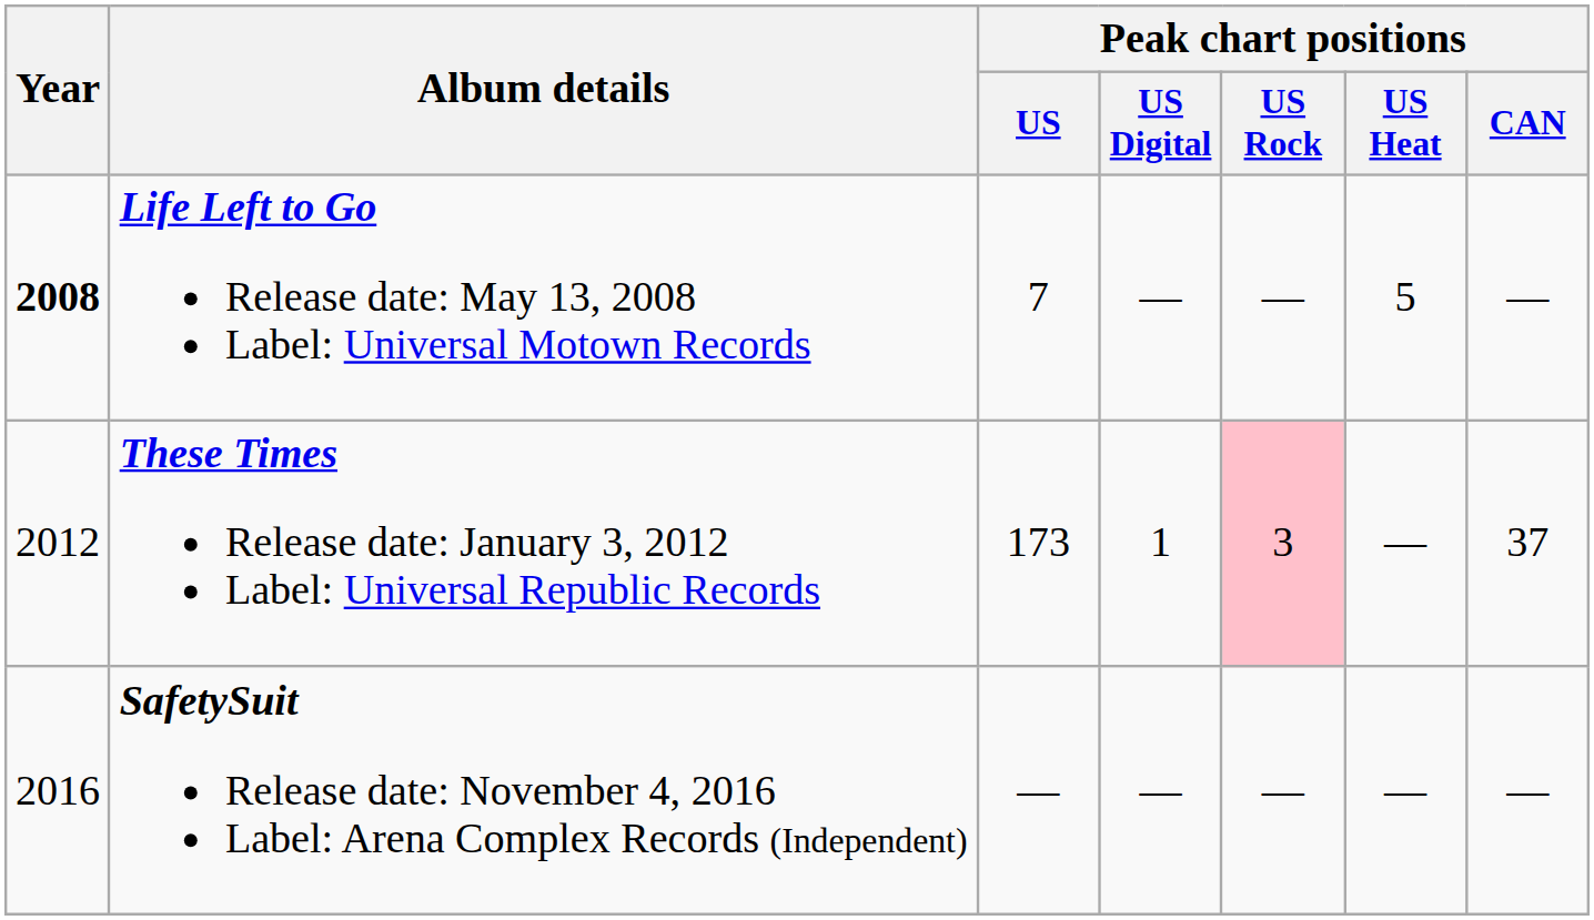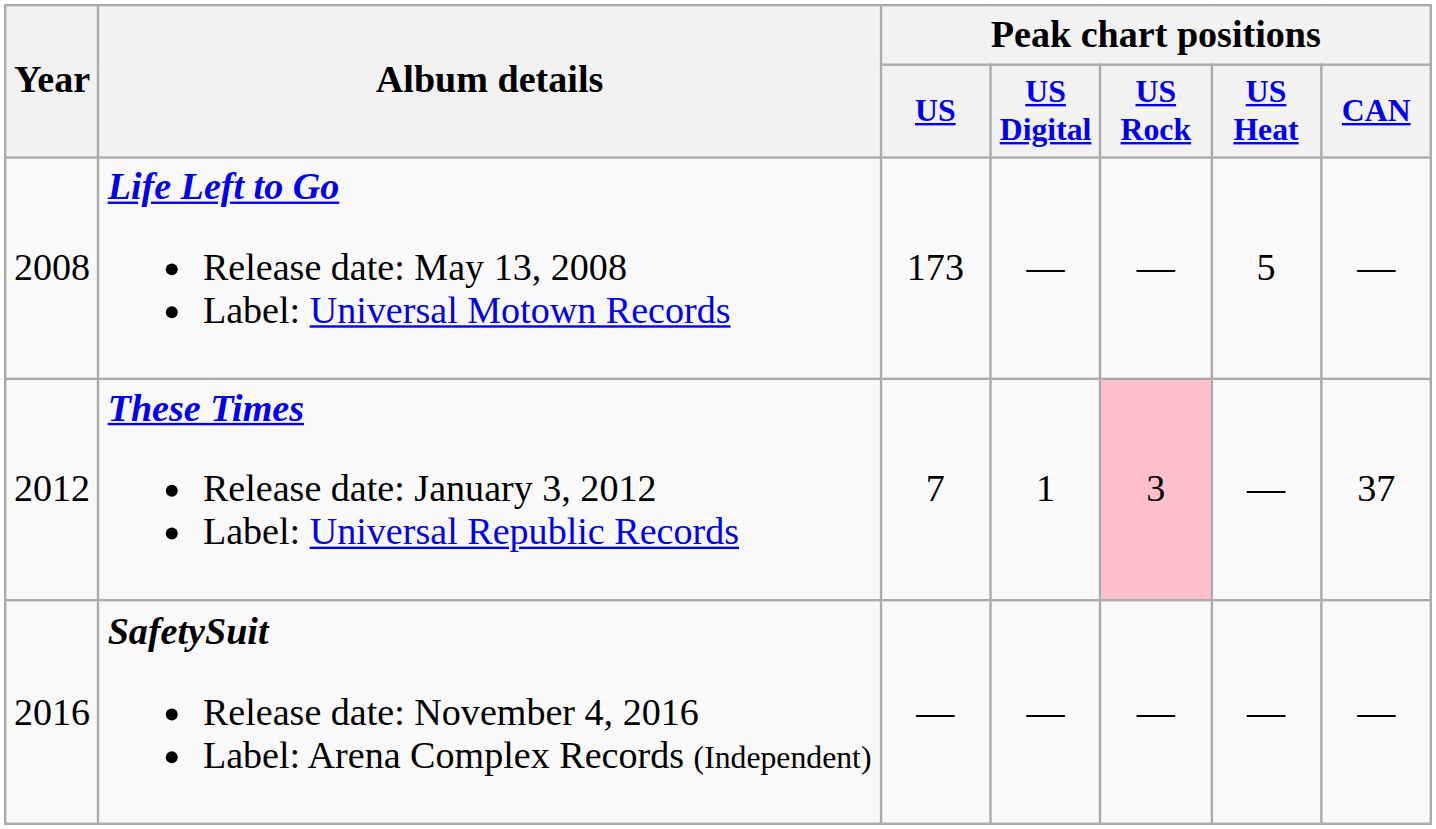 <table class="wikitable" style="text-align:center;">
 <tr>
 <th rowspan="2">Year</th>
 <th rowspan="2">Album details</th>
 <th colspan="5">Peak chart positions</th>
 </tr>
 <tr style="font-size:smaller;">
 <th style="width:40px;"><a href='#'>US</a><br></th>
 <th style="width:40px;"><a href='#'>US<br>Digital</a></th>
 <th style="width:40px;"><a href='#'>US<br>Rock</a></th>
 <th style="width:40px;"><a href='#'>US<br>Heat</a><br></th>
 <th style="width:40px;"><a href='#'>CAN</a><br></th>
 </tr>
 <tr>
-<td><strong>2008</strong></td>
+<td>2008</td>
 <td style="text-align:left;"><strong><em><a href='#'>Life Left to Go</a></em></strong><br><ul><li>Release date: May 13, 2008</li><li>Label: <a href='#'>Universal Motown Records</a></li></ul></td>
-<td>7</td>
+<td>173</td>
 <td>—</td>
 <td>—</td>
 <td>5</td>
 <td>—</td>
 </tr>
 <tr>
 <td>2012</td>
 <td align="left"><strong><em><a href='#'>These Times</a></em></strong><br><ul><li>Release date: January 3, 2012</li><li>Label: <a href='#'>Universal Republic Records</a></li></ul></td>
-<td>173</td>
+<td>7</td>
 <td>1</td>
 <td style="background: pink;">3</td>
 <td>—</td>
 <td>37</td>
 </tr>
 <tr>
 <td>2016</td>
 <td style="text-align:left;"><strong><em>SafetySuit</em></strong><br><ul><li>Release date: November 4, 2016</li><li>Label: Arena Complex Records <small>(Independent)</small></li></ul></td>
 <td>—</td>
 <td>—</td>
 <td>—</td>
 <td>—</td>
 <td>—</td>
 </tr>
 <tr>
 </tr>
 </table>
